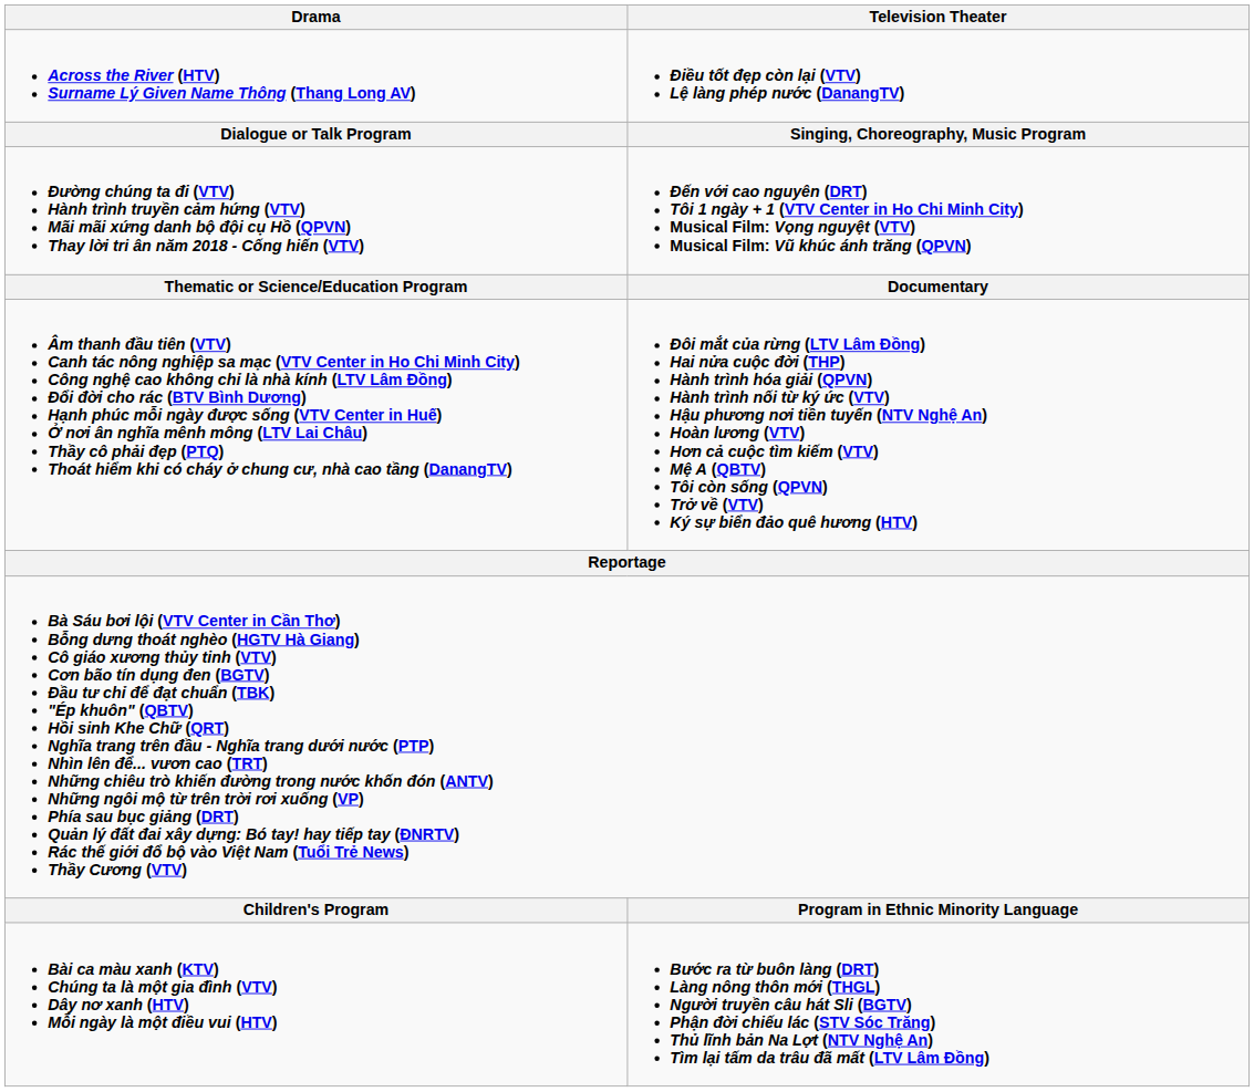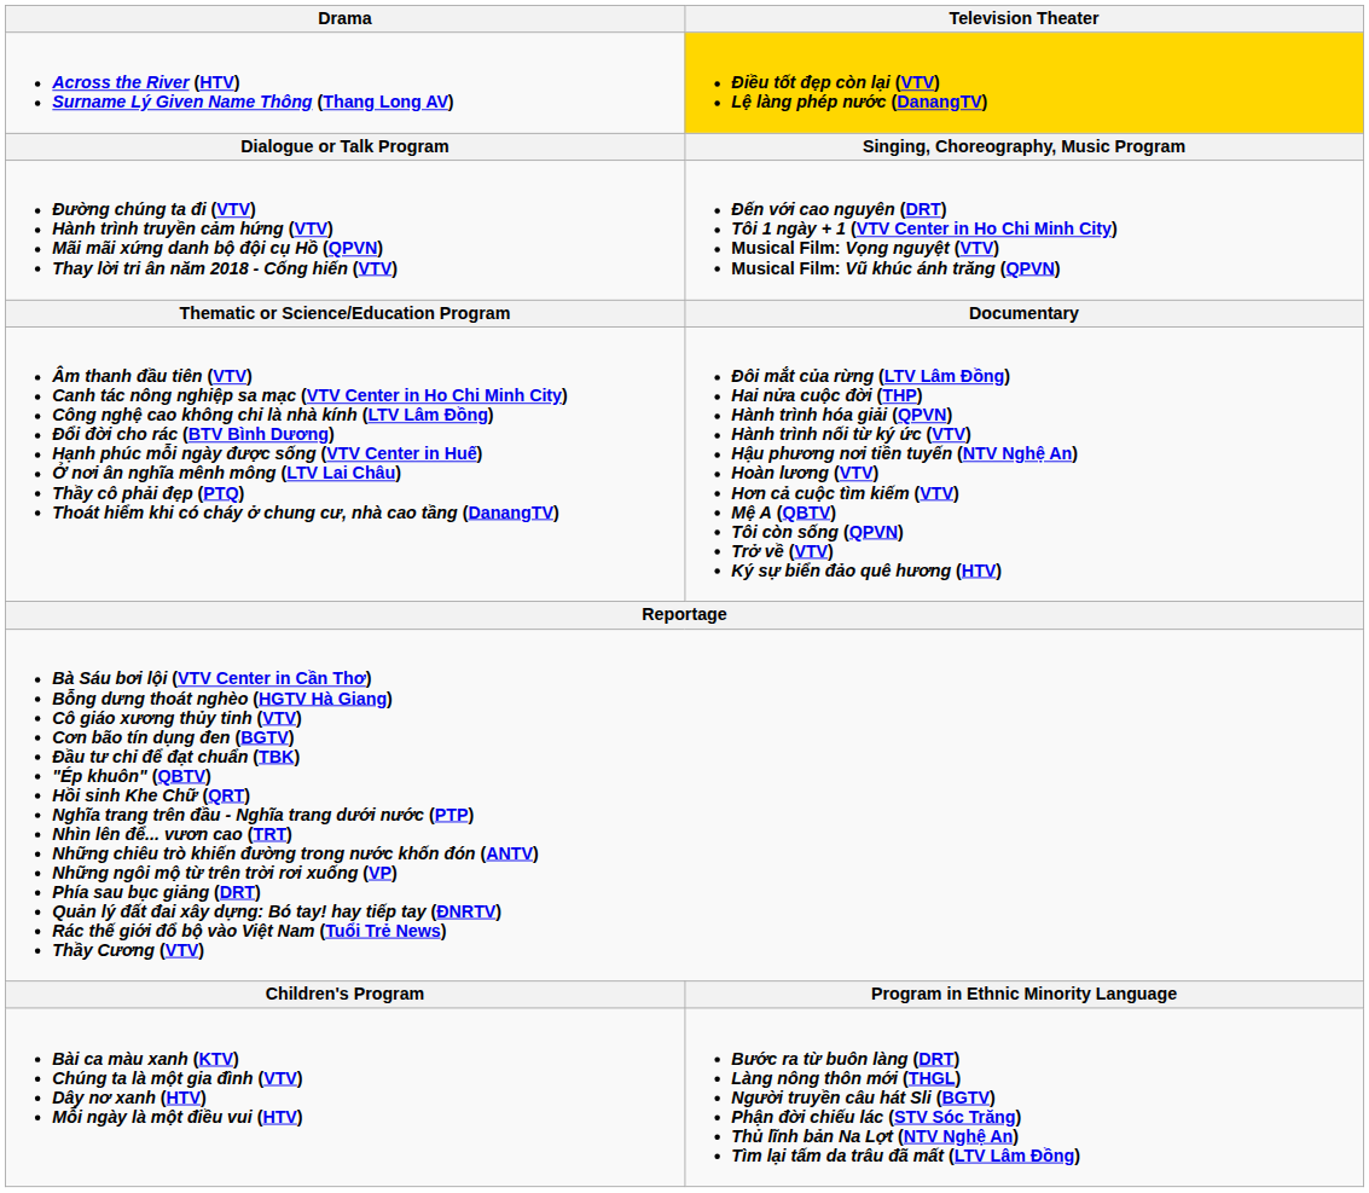 <table class=wikitable style="width:100%">
 <tr>
 <th style="width:50%">Drama</th>
 <th style="width:50%">Television Theater</th>
 </tr>
 <tr>
 <td valign="top"><br><ul><li><strong><em><a href='#'>Across the River</a></em></strong> <strong>(<a href='#'>HTV</a>)</strong></li><li><strong><em><a href='#'>Surname Lý Given Name Thông</a></em></strong> <strong>(<a href='#'>Thang Long AV</a>)</strong> </li></ul></td>
-<td valign="top"><br><ul><li><strong><em>Điều tốt đẹp còn lại</em></strong> <strong>(<a href='#'>VTV</a>)</strong></li><li><strong><em>Lệ làng phép nước</em></strong> <strong>(<a href='#'>DanangTV</a>)</strong></li></ul></td>
+<td valign="top" style="background: gold;"><br><ul><li><strong><em>Điều tốt đẹp còn lại</em></strong> <strong>(<a href='#'>VTV</a>)</strong></li><li><strong><em>Lệ làng phép nước</em></strong> <strong>(<a href='#'>DanangTV</a>)</strong></li></ul></td>
 </tr>
 <tr>
 <th>Dialogue or Talk Program</th>
 <th>Singing, Choreography, Music Program</th>
 </tr>
 <tr>
 <td valign="top"><br><ul><li><strong><em>Đường chúng ta đi</em></strong> <strong>(<a href='#'>VTV</a>)</strong></li><li><strong><em>Hành trình truyền cảm hứng</em></strong> <strong>(<a href='#'>VTV</a>)</strong></li><li><strong><em>Mãi mãi xứng danh bộ đội cụ Hồ</em></strong> <strong>(<a href='#'>QPVN</a>)</strong></li><li><strong><em>Thay lời tri ân năm 2018 - Cống hiến</em></strong> <strong>(<a href='#'>VTV</a>)</strong></li></ul></td>
 <td valign="top"><br><ul><li><strong><em>Đến với cao nguyên</em></strong> <strong>(<a href='#'>DRT</a>)</strong></li><li><strong><em>Tôi 1 ngày + 1</em></strong> <strong>(<a href='#'>VTV Center in Ho Chi Minh City</a>)</strong></li><li><strong>Musical Film:</strong> <strong><em>Vọng nguyệt</em></strong> <strong>(<a href='#'>VTV</a>)</strong></li><li><strong>Musical Film:</strong> <strong><em>Vũ khúc ánh trăng</em></strong> <strong>(<a href='#'>QPVN</a>)</strong></li></ul></td>
 </tr>
 <tr>
 <th>Thematic or Science/Education Program</th>
 <th>Documentary</th>
 </tr>
 <tr>
 <td valign="top"><br><ul><li><strong><em>Âm thanh đầu tiên</em></strong> <strong>(<a href='#'>VTV</a>)</strong></li><li><strong><em>Canh tác nông nghiệp sa mạc</em></strong> <strong>(<a href='#'>VTV Center in Ho Chi Minh City</a>)</strong></li><li><strong><em>Công nghệ cao không chỉ là nhà kính</em></strong> <strong>(<a href='#'>LTV Lâm Đồng</a>)</strong></li><li><strong><em>Đổi đời cho rác</em></strong> <strong>(<a href='#'>BTV Bình Dương</a>)</strong></li><li><strong><em>Hạnh phúc mỗi ngày được sống</em></strong> <strong>(<a href='#'>VTV Center in Huế</a>)</strong></li><li><strong><em>Ở nơi ân nghĩa mênh mông</em></strong> <strong>(<a href='#'>LTV Lai Châu</a>)</strong></li><li><strong><em>Thầy cô phải đẹp</em></strong> <strong>(<a href='#'>PTQ</a>)</strong></li><li><strong><em>Thoát hiểm khi có cháy ở chung cư, nhà cao tầng</em></strong> <strong>(<a href='#'>DanangTV</a>)</strong></li></ul></td>
 <td valign="top"><br><ul><li><strong><em>Đôi mắt của rừng</em></strong> <strong>(<a href='#'>LTV Lâm Đồng</a>)</strong></li><li><strong><em>Hai nửa cuộc đời</em></strong> <strong>(<a href='#'>THP</a>)</strong></li><li><strong><em>Hành trình hóa giải</em></strong> <strong>(<a href='#'>QPVN</a>)</strong></li><li><strong><em>Hành trình nối từ ký ức</em></strong> <strong>(<a href='#'>VTV</a>)</strong></li><li><strong><em>Hậu phương nơi tiền tuyến</em></strong> <strong>(<a href='#'>NTV Nghệ An</a>)</strong></li><li><strong><em>Hoàn lương</em></strong> <strong>(<a href='#'>VTV</a>)</strong></li><li><strong><em>Hơn cả cuộc tìm kiếm</em></strong> <strong>(<a href='#'>VTV</a>)</strong></li><li><strong><em>Mệ A</em></strong> <strong>(<a href='#'>QBTV</a>)</strong></li><li><strong><em>Tôi còn sống</em></strong> <strong>(<a href='#'>QPVN</a>)</strong></li><li><strong><em>Trở về</em></strong> <strong>(<a href='#'>VTV</a>)</strong></li><li><strong><em>Ký sự biển đảo quê hương</em></strong> <strong>(<a href='#'>HTV</a>)</strong> </li></ul></td>
 </tr>
 <tr>
 <th colspan=2>Reportage</th>
 </tr>
 <tr>
 <td colspan=2 valign="top"><br><ul><li><strong><em>Bà Sáu bơi lội</em></strong> <strong>(<a href='#'>VTV Center in Cần Thơ</a>)</strong></li><li><strong><em>Bỗng dưng thoát nghèo</em></strong> <strong>(<a href='#'>HGTV Hà Giang</a>)</strong></li><li><strong><em>Cô giáo xương thủy tinh</em></strong> <strong>(<a href='#'>VTV</a>)</strong></li><li><strong><em>Cơn bão tín dụng đen</em></strong> <strong>(<a href='#'>BGTV</a>)</strong></li><li><strong><em>Đầu tư chỉ để đạt chuẩn</em></strong> <strong>(<a href='#'>TBK</a>)</strong></li><li><strong><em>"Ép khuôn"</em></strong> <strong>(<a href='#'>QBTV</a>)</strong></li><li><strong><em>Hồi sinh Khe Chữ</em></strong> <strong>(<a href='#'>QRT</a>)</strong></li><li><strong><em>Nghĩa trang trên đầu - Nghĩa trang dưới nước</em></strong> <strong>(<a href='#'>PTP</a>)</strong></li><li><strong><em>Nhìn lên để... vươn cao</em></strong> <strong>(<a href='#'>TRT</a>)</strong></li><li><strong><em>Những chiêu trò khiến đường trong nước khốn đón</em></strong> <strong>(<a href='#'>ANTV</a>)</strong></li><li><strong><em>Những ngôi mộ từ trên trời rơi xuống</em></strong> <strong>(<a href='#'>VP</a>)</strong></li><li><strong><em>Phía sau bục giảng</em></strong> <strong>(<a href='#'>DRT</a>)</strong></li><li><strong><em>Quản lý đất đai xây dựng: Bó tay! hay tiếp tay</em></strong> <strong>(<a href='#'>ĐNRTV</a>)</strong></li><li><strong><em>Rác thế giới đổ bộ vào Việt Nam</em></strong> <strong>(<a href='#'>Tuổi Trẻ News</a>)</strong></li><li><strong><em>Thầy Cương</em></strong> <strong>(<a href='#'>VTV</a>)</strong></li></ul></td>
 </tr>
 <tr>
 <th>Children's Program</th>
 <th>Program in Ethnic Minority Language</th>
 </tr>
 <tr>
 <td valign="top"><br><ul><li><strong><em>Bài ca màu xanh</em></strong> <strong>(<a href='#'>KTV</a>)</strong></li><li><strong><em>Chúng ta là một gia đình</em></strong> <strong>(<a href='#'>VTV</a>)</strong></li><li><strong><em>Dây nơ xanh</em></strong> <strong>(<a href='#'>HTV</a>)</strong></li><li><strong><em>Mỗi ngày là một điều vui</em></strong> <strong>(<a href='#'>HTV</a>)</strong></li></ul></td>
 <td valign="top"><br><ul><li><strong><em>Bước ra từ buôn làng</em></strong> <strong>(<a href='#'>DRT</a>)</strong></li><li><strong><em>Làng nông thôn mới</em></strong> <strong>(<a href='#'>THGL</a>)</strong></li><li><strong><em>Người truyền câu hát Sli</em></strong> <strong>(<a href='#'>BGTV</a>)</strong></li><li><strong><em>Phận đời chiếu lác</em></strong> <strong>(<a href='#'>STV Sóc Trăng</a>)</strong></li><li><strong><em>Thủ lĩnh bản Na Lợt</em></strong> <strong>(<a href='#'>NTV Nghệ An</a>)</strong></li><li><strong><em>Tìm lại tấm da trâu đã mất</em></strong> <strong>(<a href='#'>LTV Lâm Đồng</a>)</strong></li></ul></td>
 </tr>
 </table>
